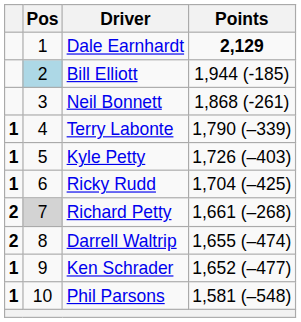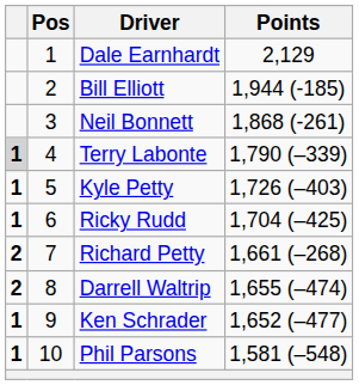 <table class="wikitable" style="font-size: 95%;">
 <tr>
 <th></th>
 <th>Pos</th>
 <th>Driver</th>
 <th>Points</th>
 </tr>
 <tr>
 <td align="left"></td>
 <td style="text-align:center;">1</td>
 <td><a href='#'>Dale Earnhardt</a></td>
-<td style="text-align:center;"><strong>2,129</strong></td>
+<td style="text-align:center;">2,129</td>
 </tr>
 <tr>
 <td align="left"></td>
-<td style="background: lightblue; text-align:center;">2</td>
+<td style="text-align:center;">2</td>
 <td><a href='#'>Bill Elliott</a></td>
 <td style="text-align:center;">1,944 (-185)</td>
 </tr>
 <tr>
 <td align="left"></td>
 <td style="text-align:center;">3</td>
 <td><a href='#'>Neil Bonnett</a></td>
 <td style="text-align:center;">1,868 (-261)</td>
 </tr>
 <tr>
-<td align="left">  <strong>1</strong></td>
+<td align="left" style="background: lightgrey;">  <strong>1</strong></td>
 <td style="text-align:center;">4</td>
 <td><a href='#'>Terry Labonte</a></td>
 <td style="text-align:center;">1,790 (–339)</td>
 </tr>
 <tr>
 <td align="left">  <strong>1</strong></td>
 <td style="text-align:center;">5</td>
 <td><a href='#'>Kyle Petty</a></td>
 <td style="text-align:center;">1,726 (–403)</td>
 </tr>
 <tr>
 <td align="left">  <strong>1</strong></td>
 <td style="text-align:center;">6</td>
 <td><a href='#'>Ricky Rudd</a></td>
 <td style="text-align:center;">1,704 (–425)</td>
 </tr>
 <tr>
 <td align="left">  <strong>2</strong></td>
-<td style="background: lightgrey; text-align:center;">7</td>
+<td style="text-align:center;">7</td>
 <td><a href='#'>Richard Petty</a></td>
 <td style="text-align:center;">1,661 (–268)</td>
 </tr>
 <tr>
 <td align="left">  <strong>2</strong></td>
 <td style="text-align:center;">8</td>
 <td><a href='#'>Darrell Waltrip</a></td>
 <td style="text-align:center;">1,655 (–474)</td>
 </tr>
 <tr>
 <td align="left">  <strong>1</strong></td>
 <td style="text-align:center;">9</td>
 <td><a href='#'>Ken Schrader</a></td>
 <td style="text-align:center;">1,652 (–477)</td>
 </tr>
 <tr>
 <td align="left">  <strong>1</strong></td>
 <td style="text-align:center;">10</td>
 <td><a href='#'>Phil Parsons</a></td>
 <td style="text-align:center;">1,581 (–548)</td>
 </tr>
 <tr class="sortbottom">
 <th colspan="9"></th>
 </tr>
 </table>
